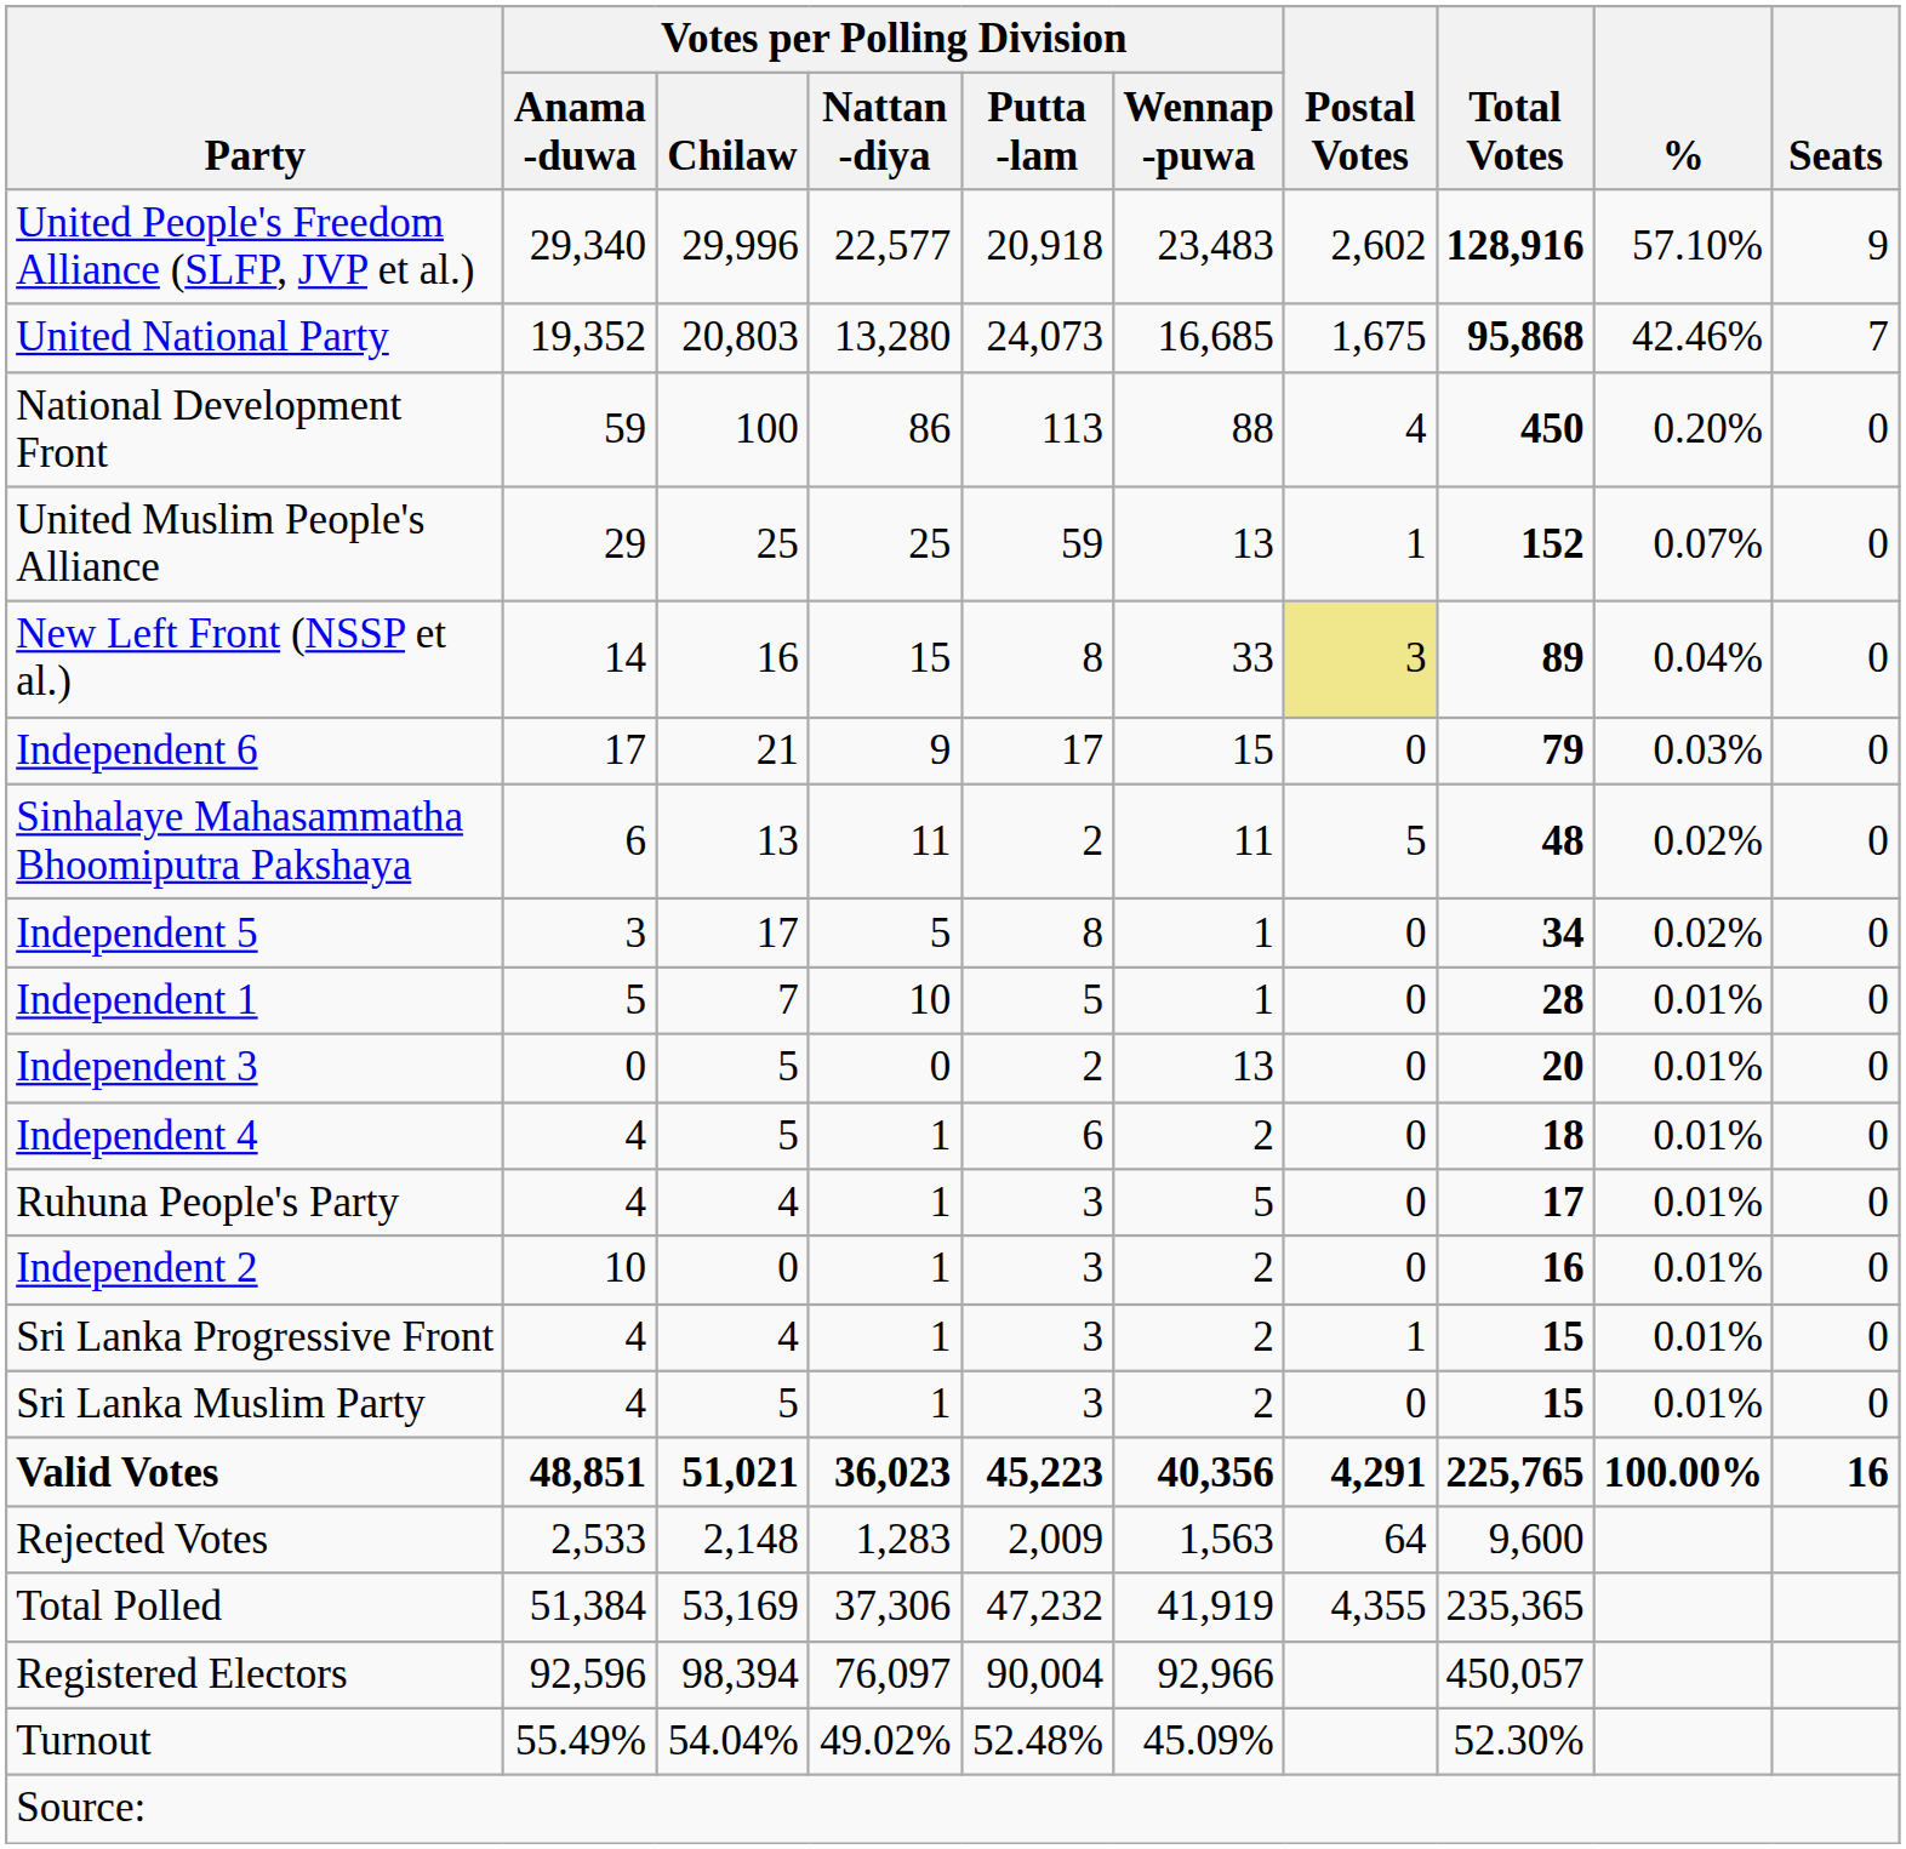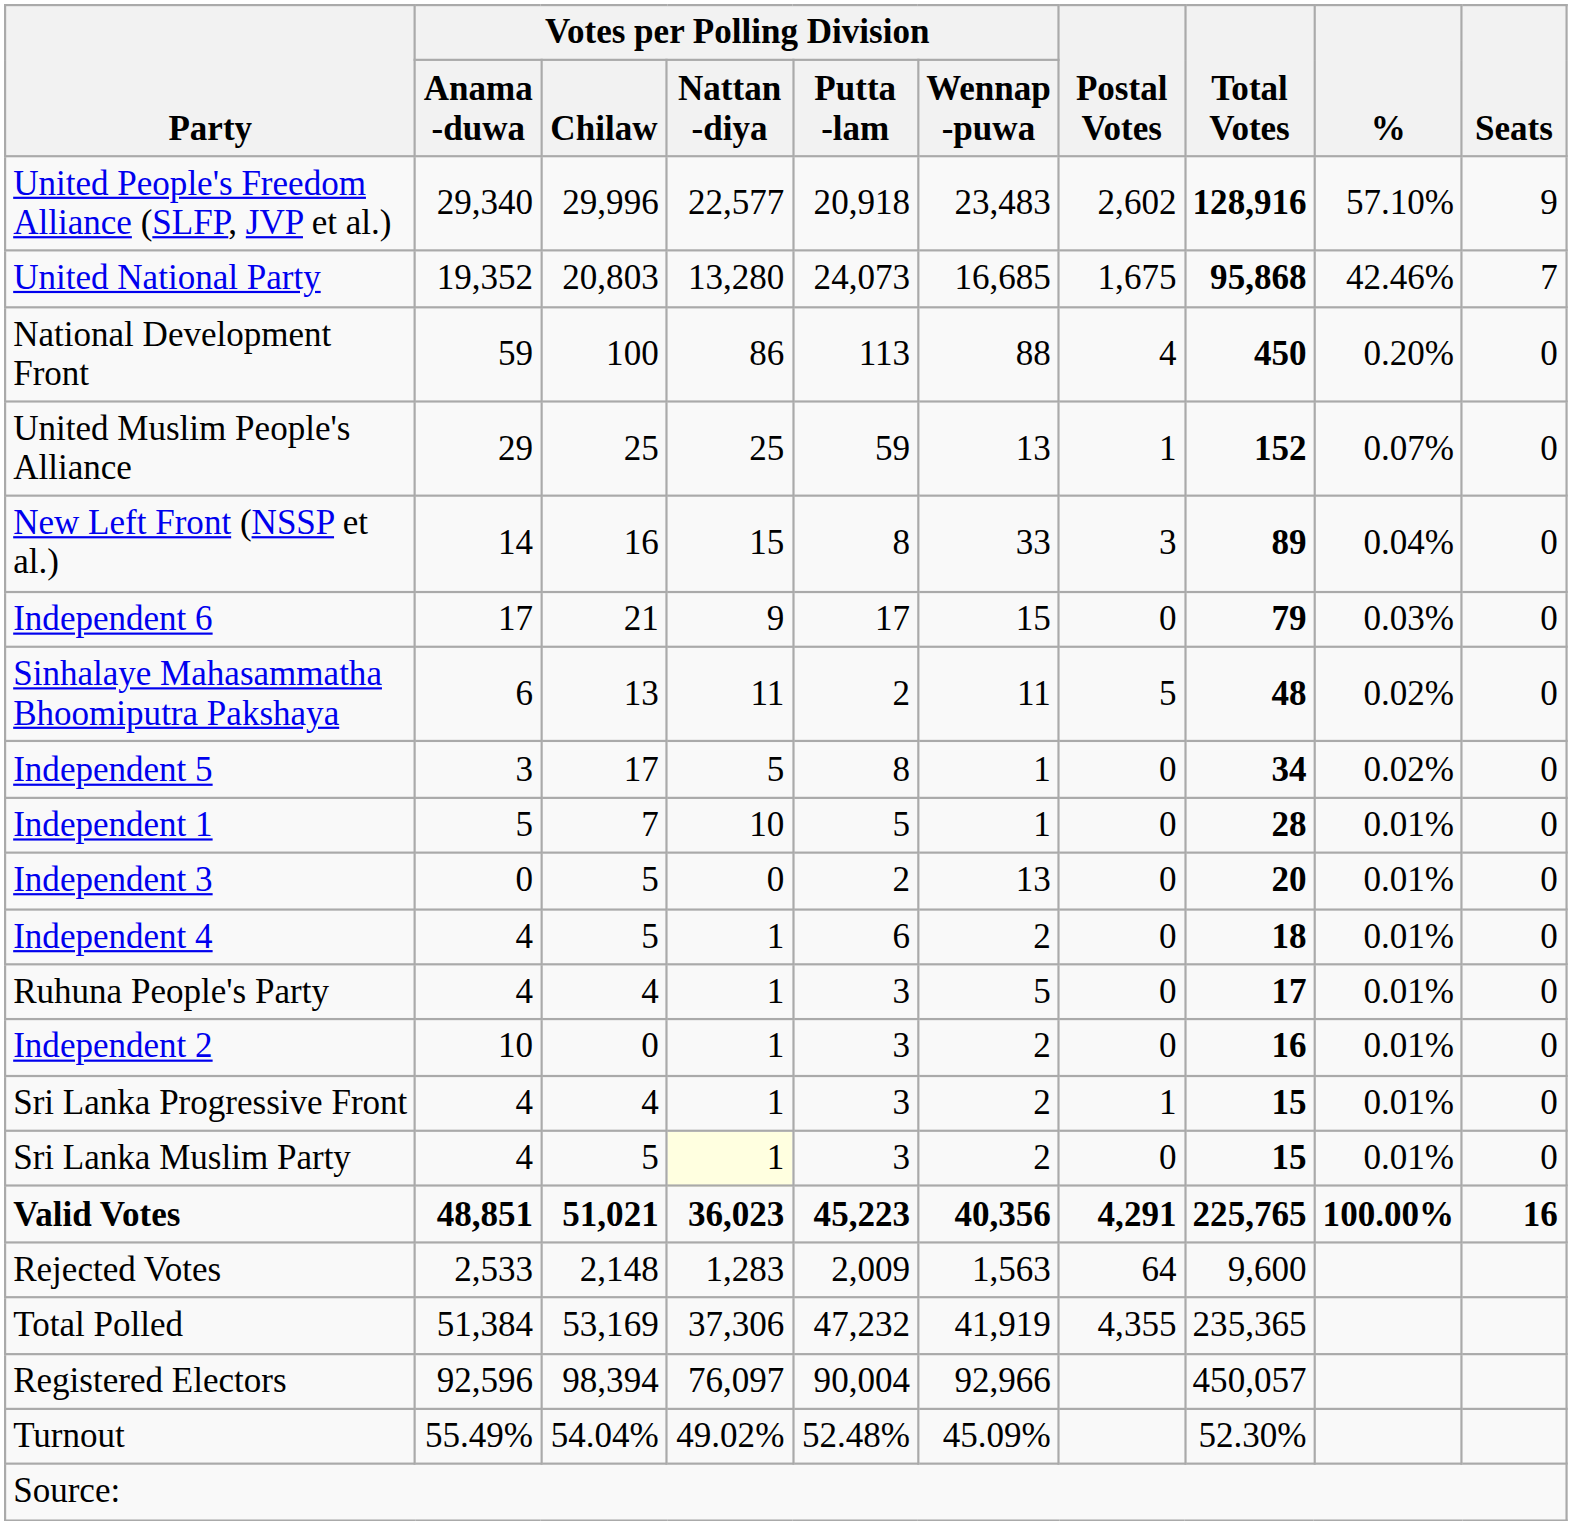 <table class="wikitable" border="1" style="text-align:right;">
 <tr>
 <th align=left valign=bottom rowspan=2 width="180">Party</th>
 <th colspan=5>Votes per Polling Division</th>
 <th align=center valign=bottom rowspan=2 width="50">Postal<br>Votes</th>
 <th align=center valign=bottom rowspan=2 width="50">Total Votes</th>
 <th align=center valign=bottom rowspan=2 width="50">%</th>
 <th align=center valign=bottom rowspan=2 width="40">Seats</th>
 </tr>
 <tr>
 <th align=center valign=bottom width="50">Anama<br>-duwa</th>
 <th align=center valign=bottom width="50">Chilaw</th>
 <th align=center valign=bottom width="50">Nattan<br>-diya</th>
 <th align=center valign=bottom width="50">Putta<br>-lam</th>
 <th align=center valign=bottom width="50">Wennap<br>-puwa</th>
 </tr>
 <tr>
 <td align=left><a href='#'>United People's Freedom Alliance</a> (<a href='#'>SLFP</a>, <a href='#'>JVP</a> et al.)</td>
 <td>29,340</td>
 <td>29,996</td>
 <td>22,577</td>
 <td>20,918</td>
 <td>23,483</td>
 <td>2,602</td>
 <td><strong>128,916</strong></td>
 <td>57.10%</td>
 <td>9</td>
 </tr>
 <tr>
 <td align=left><a href='#'>United National Party</a></td>
 <td>19,352</td>
 <td>20,803</td>
 <td>13,280</td>
 <td>24,073</td>
 <td>16,685</td>
 <td>1,675</td>
 <td><strong>95,868</strong></td>
 <td>42.46%</td>
 <td>7</td>
 </tr>
 <tr>
 <td align=left>National Development Front</td>
 <td>59</td>
 <td>100</td>
 <td>86</td>
 <td>113</td>
 <td>88</td>
 <td>4</td>
 <td><strong>450</strong></td>
 <td>0.20%</td>
 <td>0</td>
 </tr>
 <tr>
 <td align=left>United Muslim People's Alliance</td>
 <td>29</td>
 <td>25</td>
 <td>25</td>
 <td>59</td>
 <td>13</td>
 <td>1</td>
 <td><strong>152</strong></td>
 <td>0.07%</td>
 <td>0</td>
 </tr>
 <tr>
 <td align=left><a href='#'>New Left Front</a> (<a href='#'>NSSP</a> et al.)</td>
 <td>14</td>
 <td>16</td>
 <td>15</td>
 <td>8</td>
 <td>33</td>
-<td style="background: khaki;">3</td>
+<td>3</td>
 <td><strong>89</strong></td>
 <td>0.04%</td>
 <td>0</td>
 </tr>
 <tr>
 <td align=left><a href='#'>Independent 6</a></td>
 <td>17</td>
 <td>21</td>
 <td>9</td>
 <td>17</td>
 <td>15</td>
 <td>0</td>
 <td><strong>79</strong></td>
 <td>0.03%</td>
 <td>0</td>
 </tr>
 <tr>
 <td align=left><a href='#'>Sinhalaye Mahasammatha Bhoomiputra Pakshaya</a></td>
 <td>6</td>
 <td>13</td>
 <td>11</td>
 <td>2</td>
 <td>11</td>
 <td>5</td>
 <td><strong>48</strong></td>
 <td>0.02%</td>
 <td>0</td>
 </tr>
 <tr>
 <td align=left><a href='#'>Independent 5</a></td>
 <td>3</td>
 <td>17</td>
 <td>5</td>
 <td>8</td>
 <td>1</td>
 <td>0</td>
 <td><strong>34</strong></td>
 <td>0.02%</td>
 <td>0</td>
 </tr>
 <tr>
 <td align=left><a href='#'>Independent 1</a></td>
 <td>5</td>
 <td>7</td>
 <td>10</td>
 <td>5</td>
 <td>1</td>
 <td>0</td>
 <td><strong>28</strong></td>
 <td>0.01%</td>
 <td>0</td>
 </tr>
 <tr>
 <td align=left><a href='#'>Independent 3</a></td>
 <td>0</td>
 <td>5</td>
 <td>0</td>
 <td>2</td>
 <td>13</td>
 <td>0</td>
 <td><strong>20</strong></td>
 <td>0.01%</td>
 <td>0</td>
 </tr>
 <tr>
 <td align=left><a href='#'>Independent 4</a></td>
 <td>4</td>
 <td>5</td>
 <td>1</td>
 <td>6</td>
 <td>2</td>
 <td>0</td>
 <td><strong>18</strong></td>
 <td>0.01%</td>
 <td>0</td>
 </tr>
 <tr>
 <td align=left>Ruhuna People's Party</td>
 <td>4</td>
 <td>4</td>
 <td>1</td>
 <td>3</td>
 <td>5</td>
 <td>0</td>
 <td><strong>17</strong></td>
 <td>0.01%</td>
 <td>0</td>
 </tr>
 <tr>
 <td align=left><a href='#'>Independent 2</a></td>
 <td>10</td>
 <td>0</td>
 <td>1</td>
 <td>3</td>
 <td>2</td>
 <td>0</td>
 <td><strong>16</strong></td>
 <td>0.01%</td>
 <td>0</td>
 </tr>
 <tr>
 <td align=left>Sri Lanka Progressive Front</td>
 <td>4</td>
 <td>4</td>
 <td>1</td>
 <td>3</td>
 <td>2</td>
 <td>1</td>
 <td><strong>15</strong></td>
 <td>0.01%</td>
 <td>0</td>
 </tr>
 <tr>
 <td align=left>Sri Lanka Muslim Party</td>
 <td>4</td>
 <td>5</td>
-<td>1</td>
+<td style="background: lightyellow;">1</td>
 <td>3</td>
 <td>2</td>
 <td>0</td>
 <td><strong>15</strong></td>
 <td>0.01%</td>
 <td>0</td>
 </tr>
 <tr>
 <td align=left><strong>Valid Votes</strong></td>
 <td><strong>48,851</strong></td>
 <td><strong>51,021</strong></td>
 <td><strong>36,023</strong></td>
 <td><strong>45,223</strong></td>
 <td><strong>40,356</strong></td>
 <td><strong>4,291</strong></td>
 <td><strong>225,765</strong></td>
 <td><strong>100.00%</strong></td>
 <td><strong>16</strong></td>
 </tr>
 <tr>
 <td align=left>Rejected Votes</td>
 <td>2,533</td>
 <td>2,148</td>
 <td>1,283</td>
 <td>2,009</td>
 <td>1,563</td>
 <td>64</td>
 <td>9,600</td>
 <td></td>
 <td></td>
 </tr>
 <tr>
 <td align=left>Total Polled</td>
 <td>51,384</td>
 <td>53,169</td>
 <td>37,306</td>
 <td>47,232</td>
 <td>41,919</td>
 <td>4,355</td>
 <td>235,365</td>
 <td></td>
 <td></td>
 </tr>
 <tr>
 <td align=left>Registered Electors</td>
 <td>92,596</td>
 <td>98,394</td>
 <td>76,097</td>
 <td>90,004</td>
 <td>92,966</td>
 <td></td>
 <td>450,057</td>
 <td></td>
 <td></td>
 </tr>
 <tr>
 <td align=left>Turnout</td>
 <td>55.49%</td>
 <td>54.04%</td>
 <td>49.02%</td>
 <td>52.48%</td>
 <td>45.09%</td>
 <td></td>
 <td>52.30%</td>
 <td></td>
 <td></td>
 </tr>
 <tr>
 <td align=left colspan=11>Source:</td>
 </tr>
 </table>
